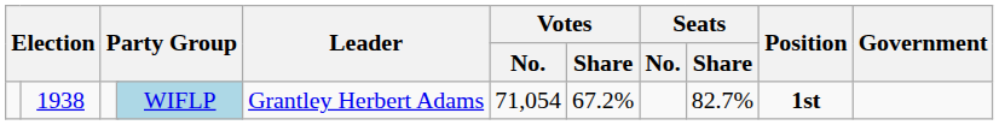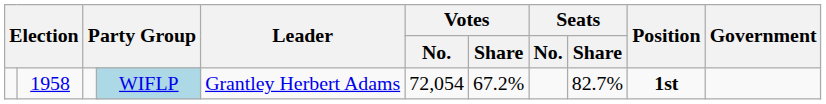 <table class="wikitable" style="text-align:center">
 <tr>
 <th colspan="2" rowspan="2">Election</th>
 <th colspan="3" rowspan="2">Party Group</th>
 <th rowspan="2">Leader</th>
 <th colspan="2">Votes</th>
 <th colspan="2">Seats</th>
 <th rowspan="2">Position</th>
 <th rowspan="2">Government</th>
 </tr>
 <tr>
 <th>No.</th>
 <th>Share</th>
 <th>No.</th>
 <th>Share</th>
 </tr>
 <tr>
 <td></td>
-<td><a href='#'>1938</a></td>
+<td><a href='#'>1958</a></td>
 <td colspan="2" style="background:"></td>
 <td style="background: lightblue;"><a href='#'>WIFLP</a></td>
 <td><a href='#'>Grantley Herbert Adams</a></td>
-<td style="text-align:right;">71,054</td>
+<td style="text-align:right;">72,054</td>
 <td style="text-align:right;">67.2%</td>
 <td></td>
 <td style="text-align:right;">82.7%</td>
 <td><strong>1st</strong></td>
 <td></td>
 </tr>
 </table>
